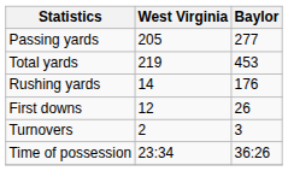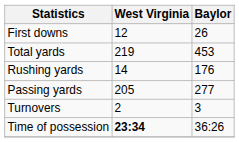 <table class="wikitable" style="float: right;">
 <tr>
 <th>Statistics</th>
 <th>West Virginia</th>
 <th>Baylor</th>
 </tr>
 <tr>
-<td>Passing yards</td>
-<td>205</td>
-<td>277</td>
+<td>First downs</td>
+<td>12</td>
+<td>26</td>
 </tr>
 <tr>
 <td>Total yards</td>
 <td>219</td>
 <td>453</td>
 </tr>
 <tr>
 <td>Rushing yards</td>
 <td>14</td>
 <td>176</td>
 </tr>
 <tr>
-<td>First downs</td>
-<td>12</td>
-<td>26</td>
+<td>Passing yards</td>
+<td>205</td>
+<td>277</td>
 </tr>
 <tr>
 <td>Turnovers</td>
 <td>2</td>
 <td>3</td>
 </tr>
 <tr>
 <td>Time of possession</td>
-<td>23:34</td>
+<td><strong>23:34</strong></td>
 <td>36:26</td>
 </tr>
 <tr>
 </tr>
 </table>
